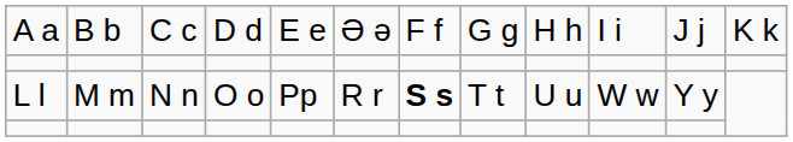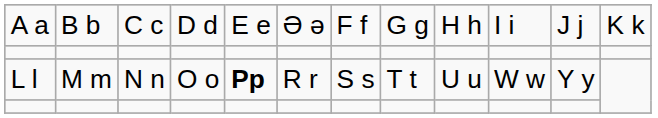 <table class="wikitable">
 <tr>
 <td>A a</td>
 <td>B b</td>
 <td>C c</td>
 <td>D d</td>
 <td>E e</td>
 <td>Ə ə</td>
 <td>F f</td>
 <td>G g</td>
 <td>H h</td>
 <td>I i</td>
 <td>J j</td>
 <td>K k</td>
 </tr>
 <tr>
 <td></td>
 <td></td>
 <td></td>
 <td></td>
 <td></td>
 <td></td>
 <td></td>
 <td></td>
 <td></td>
 <td></td>
 <td></td>
 <td></td>
 </tr>
 <tr>
 <td>L l</td>
 <td>M m</td>
 <td>N n</td>
 <td>O o</td>
-<td>Pp</td>
+<td><strong>Pp</strong></td>
 <td>R r</td>
-<td><strong>S s</strong></td>
+<td>S s</td>
 <td>T t</td>
 <td>U u</td>
 <td>W w</td>
 <td>Y y</td>
 </tr>
 <tr>
 <td></td>
 <td></td>
 <td></td>
 <td></td>
 <td></td>
 <td></td>
 <td></td>
 <td></td>
 <td></td>
 <td></td>
 <td></td>
 </tr>
 </table>
